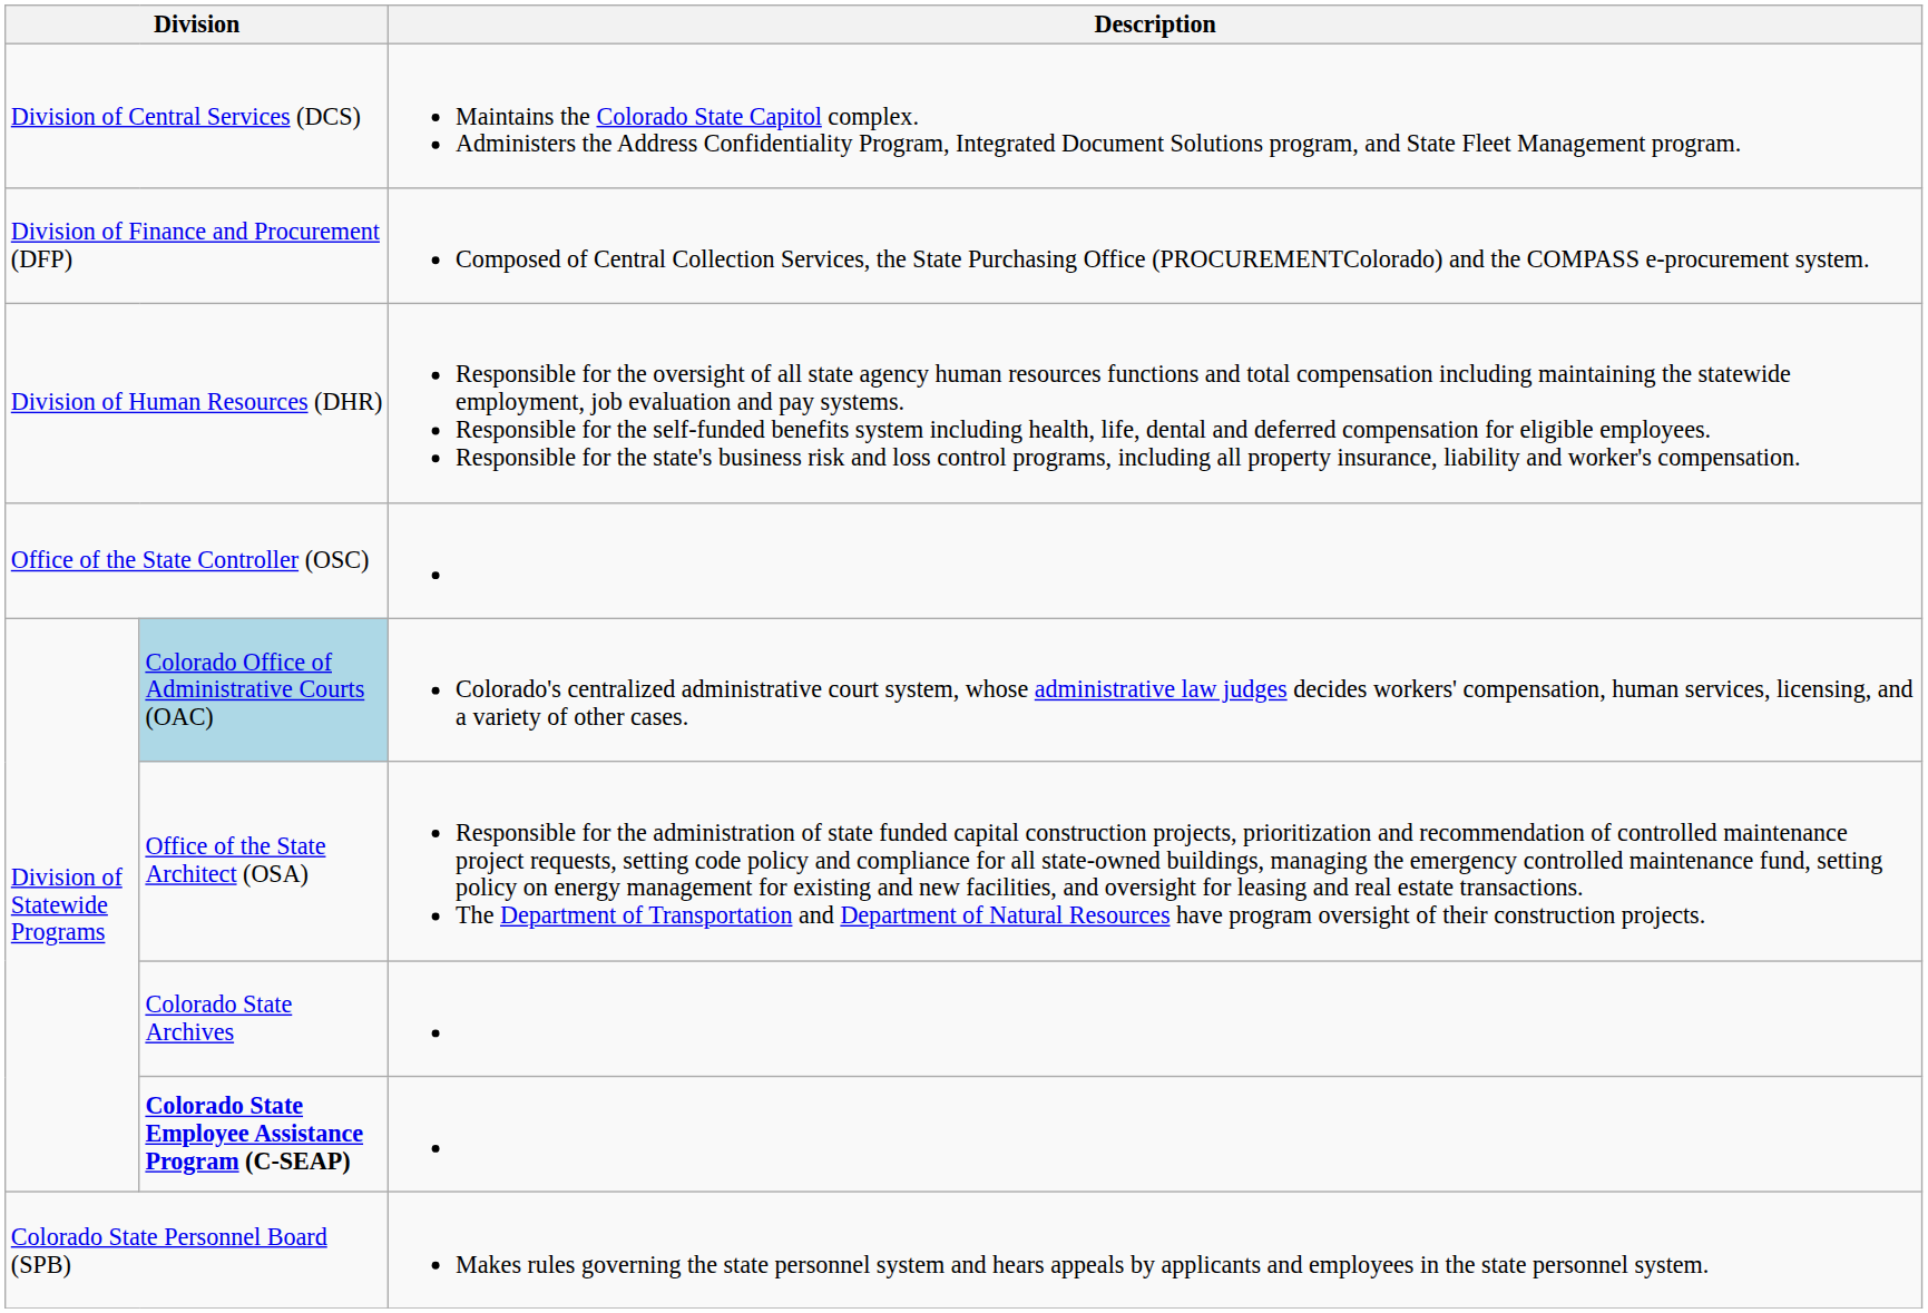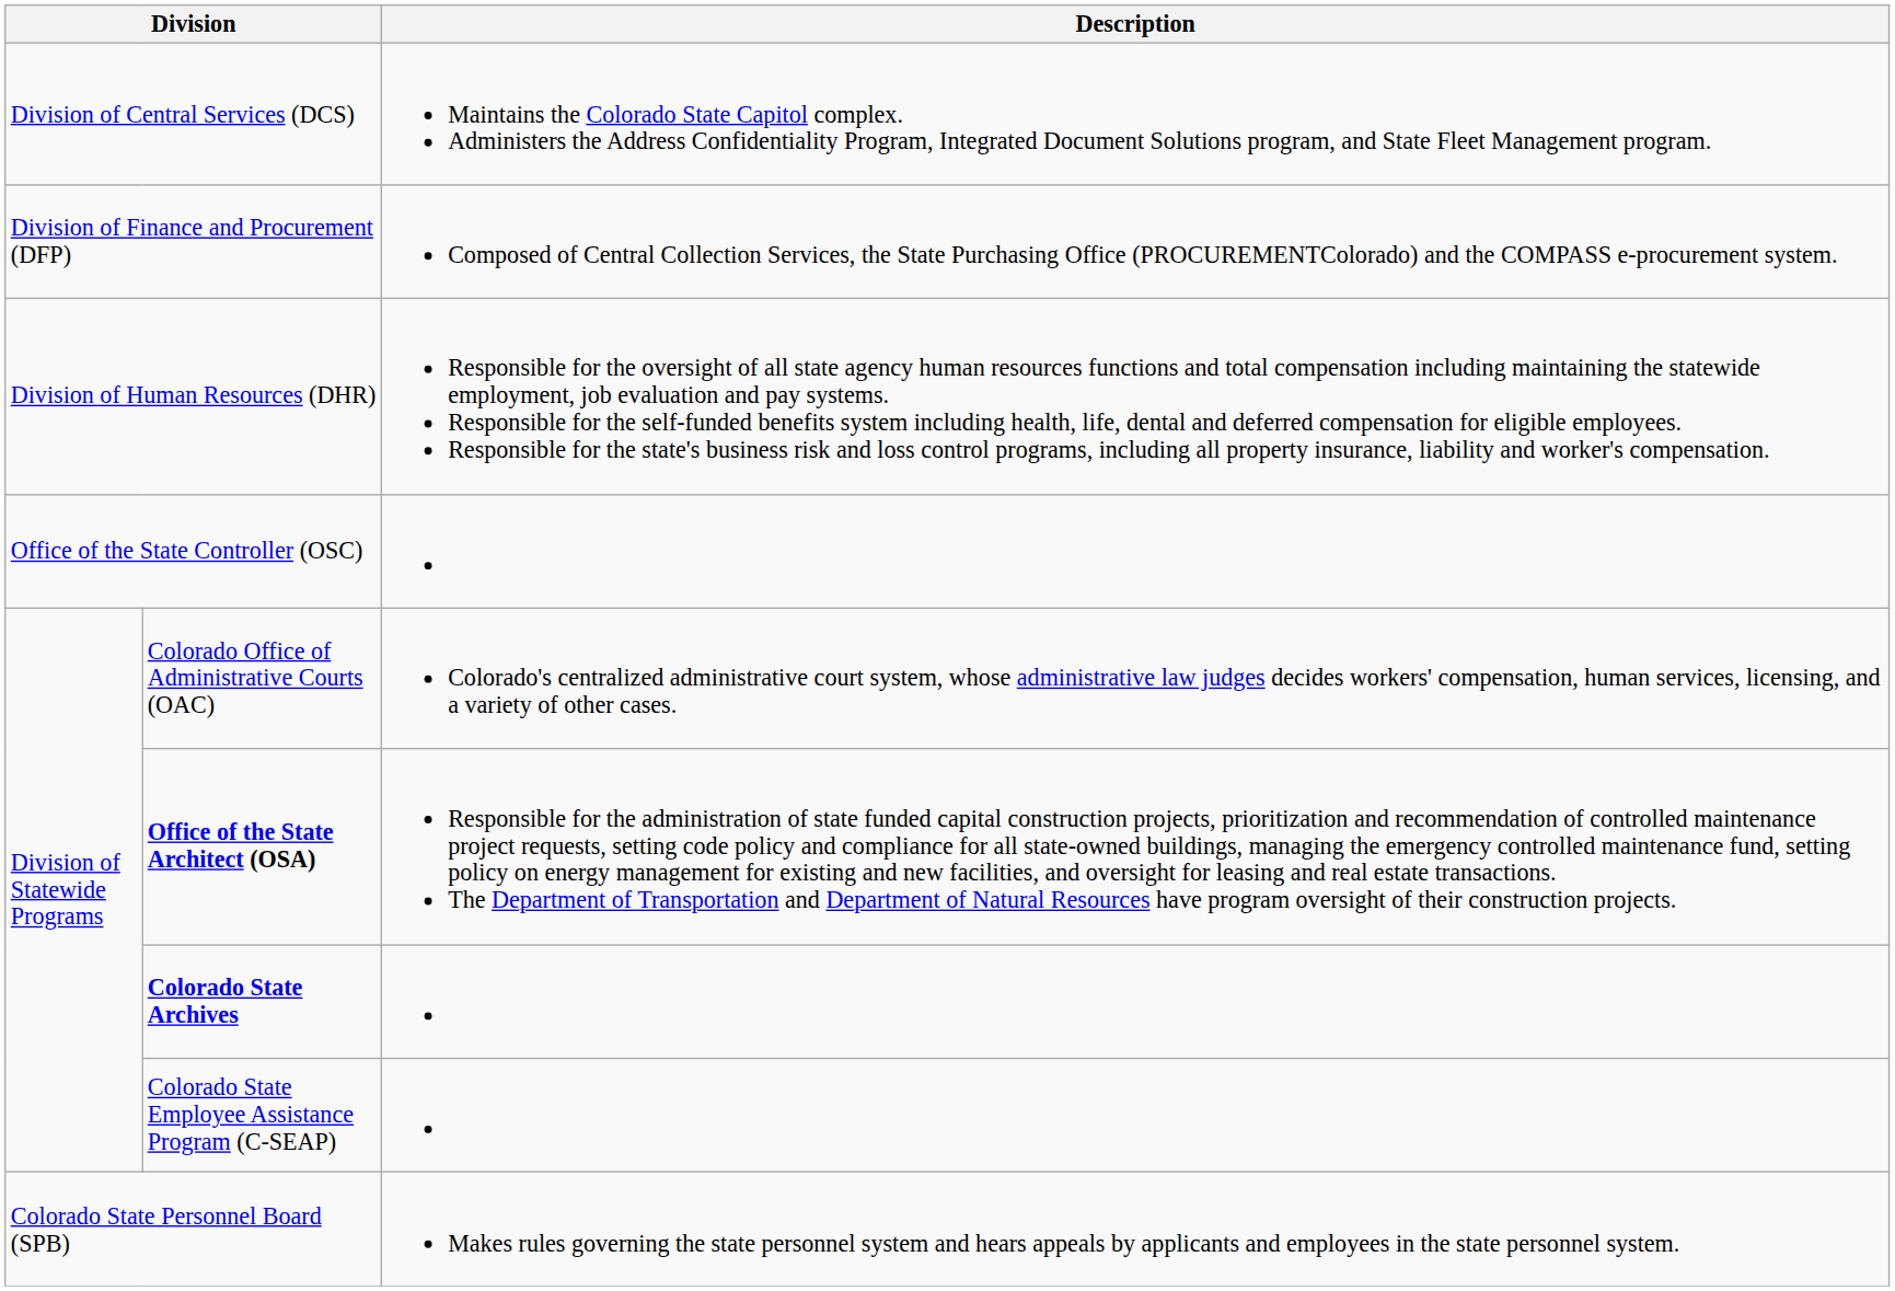 <table class="wikitable">
 <tr>
 <th colspan="2" width="20%">Division</th>
 <th width="80%">Description</th>
 </tr>
 <tr>
 <td colspan="2"><a href='#'>Division of Central Services</a> (DCS)</td>
 <td><br><ul><li>Maintains the <a href='#'>Colorado State Capitol</a> complex.</li><li>Administers the Address Confidentiality Program, Integrated Document Solutions program, and State Fleet Management program.</li></ul></td>
 </tr>
 <tr>
 <td colspan="2"><a href='#'>Division of Finance and Procurement</a> (DFP)</td>
 <td><br><ul><li>Composed of Central Collection Services, the State Purchasing Office (PROCUREMENTColorado) and the COMPASS e-procurement system.</li></ul></td>
 </tr>
 <tr>
 <td colspan="2"><a href='#'>Division of Human Resources</a> (DHR)</td>
 <td><br><ul><li>Responsible for the oversight of all state agency human resources functions and total compensation including maintaining the statewide employment, job evaluation and pay systems.</li><li>Responsible for the self-funded benefits system including health, life, dental and deferred compensation for eligible employees.</li><li>Responsible for the state's business risk and loss control programs, including all property insurance, liability and worker's compensation.</li></ul></td>
 </tr>
 <tr>
 <td colspan="2"><a href='#'>Office of the State Controller</a> (OSC)</td>
 <td><br><ul><li></li></ul></td>
 </tr>
 <tr>
 <td rowspan="4"><a href='#'>Division of Statewide Programs</a></td>
-<td style="background: lightblue;"><a href='#'>Colorado Office of Administrative Courts</a> (OAC)</td>
+<td><a href='#'>Colorado Office of Administrative Courts</a> (OAC)</td>
 <td><br><ul><li>Colorado's centralized administrative court system, whose <a href='#'>administrative law judges</a> decides workers' compensation, human services, licensing, and a variety of other cases.</li></ul></td>
 </tr>
 <tr>
-<td><a href='#'>Office of the State Architect</a> (OSA)</td>
+<td><strong><a href='#'>Office of the State Architect</a> (OSA)</strong></td>
 <td><br><ul><li>Responsible for the administration of state funded capital construction projects, prioritization and recommendation of controlled maintenance project requests, setting code policy and compliance for all state-owned buildings, managing the emergency controlled maintenance fund, setting policy on energy management for existing and new facilities, and oversight for leasing and real estate transactions.</li><li>The <a href='#'>Department of Transportation</a> and <a href='#'>Department of Natural Resources</a> have program oversight of their construction projects.</li></ul></td>
 </tr>
 <tr>
-<td><a href='#'>Colorado State Archives</a></td>
+<td><strong><a href='#'>Colorado State Archives</a></strong></td>
 <td><br><ul><li></li></ul></td>
 </tr>
 <tr>
-<td><strong><a href='#'>Colorado State Employee Assistance Program</a> (C-SEAP)</strong></td>
+<td><a href='#'>Colorado State Employee Assistance Program</a> (C-SEAP)</td>
 <td><br><ul><li></li></ul></td>
 </tr>
 <tr>
 <td colspan="2"><a href='#'>Colorado State Personnel Board</a> (SPB)</td>
 <td><br><ul><li>Makes rules governing the state personnel system and hears appeals by applicants and employees in the state personnel system.</li></ul></td>
 </tr>
 </table>
